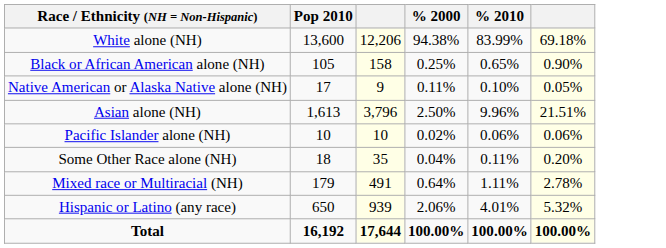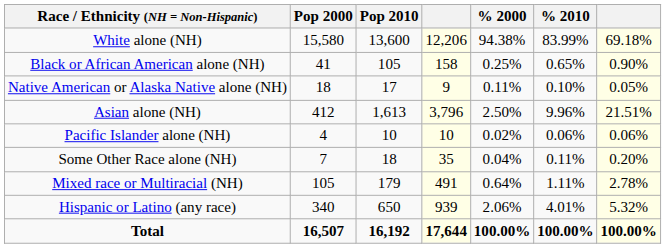 <table class="wikitable" style="text-align:center;">
 <tr>
 <th>Race / Ethnicity <small>(<em>NH = Non-Hispanic</em>)</small></th>
+<th>Pop 2000</th>
 <th>Pop 2010</th>
 <th></th>
 <th>% 2000</th>
 <th>% 2010</th>
 <th></th>
 </tr>
 <tr>
 <td><a href='#'>White</a> alone (NH)</td>
+<td>15,580</td>
 <td>13,600</td>
 <td style='background: #ffffe6;'>12,206</td>
 <td>94.38%</td>
 <td>83.99%</td>
 <td style='background: #ffffe6;'>69.18%</td>
 </tr>
 <tr>
 <td><a href='#'>Black or African American</a> alone (NH)</td>
+<td>41</td>
 <td>105</td>
 <td style='background: #ffffe6;'>158</td>
 <td>0.25%</td>
 <td>0.65%</td>
 <td style='background: #ffffe6;'>0.90%</td>
 </tr>
 <tr>
 <td><a href='#'>Native American</a> or <a href='#'>Alaska Native</a> alone (NH)</td>
+<td>18</td>
 <td>17</td>
 <td style='background: #ffffe6;'>9</td>
 <td>0.11%</td>
 <td>0.10%</td>
 <td style='background: #ffffe6;'>0.05%</td>
 </tr>
 <tr>
 <td><a href='#'>Asian</a> alone (NH)</td>
+<td>412</td>
 <td>1,613</td>
 <td style='background: #ffffe6;'>3,796</td>
 <td>2.50%</td>
 <td>9.96%</td>
 <td style='background: #ffffe6;'>21.51%</td>
 </tr>
 <tr>
 <td><a href='#'>Pacific Islander</a> alone (NH)</td>
+<td>4</td>
 <td>10</td>
 <td style='background: #ffffe6;'>10</td>
 <td>0.02%</td>
 <td>0.06%</td>
 <td style='background: #ffffe6;'>0.06%</td>
 </tr>
 <tr>
 <td>Some Other Race alone (NH)</td>
+<td>7</td>
 <td>18</td>
 <td style='background: #ffffe6;'>35</td>
 <td>0.04%</td>
 <td>0.11%</td>
 <td style='background: #ffffe6;'>0.20%</td>
 </tr>
 <tr>
 <td><a href='#'>Mixed race or Multiracial</a> (NH)</td>
+<td>105</td>
 <td>179</td>
 <td style='background: #ffffe6;'>491</td>
 <td>0.64%</td>
 <td>1.11%</td>
 <td style='background: #ffffe6;'>2.78%</td>
 </tr>
 <tr>
 <td><a href='#'>Hispanic or Latino</a> (any race)</td>
+<td>340</td>
 <td>650</td>
 <td style='background: #ffffe6;'>939</td>
 <td>2.06%</td>
 <td>4.01%</td>
 <td style='background: #ffffe6;'>5.32%</td>
 </tr>
 <tr>
 <td><strong>Total</strong></td>
+<td><strong>16,507</strong></td>
 <td><strong>16,192</strong></td>
 <td style='background: #ffffe6;'><strong>17,644</strong></td>
 <td><strong>100.00%</strong></td>
 <td><strong>100.00%</strong></td>
 <td style='background: #ffffe6;'><strong>100.00%</strong></td>
 </tr>
 </table>
